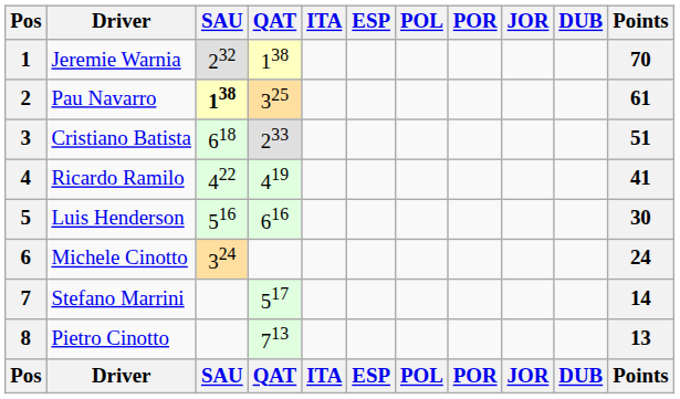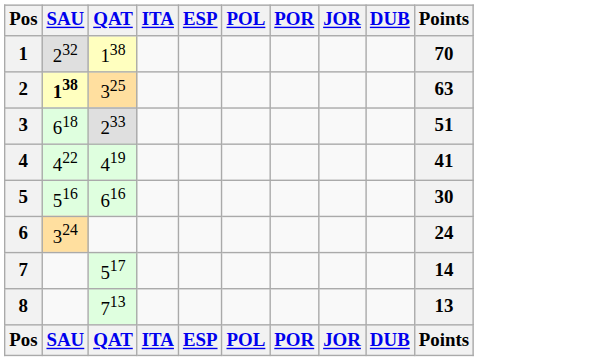 <table class="wikitable" style="font-size: 85%; text-align: center; display: inline-table;">
 <tr valign="top">
 <th valign="middle">Pos</th>
-<th valign="middle">Driver</th>
 <th><a href='#'>SAU</a><br></th>
 <th><a href='#'>QAT</a><br></th>
 <th><a href='#'>ITA</a><br></th>
 <th><a href='#'>ESP</a><br></th>
 <th><a href='#'>POL</a><br></th>
 <th><a href='#'>POR</a><br></th>
 <th><a href='#'>JOR</a><br></th>
 <th><a href='#'>DUB</a><br></th>
 <th valign="middle">Points</th>
 </tr>
 <tr>
 <th>1</th>
-<td align=left> <a href='#'>Jeremie Warnia</a></td>
 <td style="background:#dfdfdf;">2<sup>32</sup></td>
 <td style="background:#ffffbf;">1<sup>38</sup></td>
 <td></td>
 <td></td>
 <td></td>
 <td></td>
 <td></td>
 <td></td>
 <th>70</th>
 </tr>
 <tr>
 <th>2</th>
-<td align=left> <a href='#'>Pau Navarro</a></td>
 <td style="background:#ffffbf;"><strong>1<sup>38</sup></strong></td>
 <td style="background:#ffdf9f;">3<sup>25</sup></td>
 <td></td>
 <td></td>
 <td></td>
 <td></td>
 <td></td>
 <td></td>
-<th>61</th>
+<th>63</th>
 </tr>
 <tr>
 <th>3</th>
-<td align=left> <a href='#'>Cristiano Batista</a></td>
 <td style="background:#dfffdf;">6<sup>18</sup></td>
 <td style="background:#dfdfdf;">2<sup>33</sup></td>
 <td></td>
 <td></td>
 <td></td>
 <td></td>
 <td></td>
 <td></td>
 <th>51</th>
 </tr>
 <tr>
 <th>4</th>
-<td align=left> <a href='#'>Ricardo Ramilo</a></td>
 <td style="background:#dfffdf;">4<sup>22</sup></td>
 <td style="background:#dfffdf;">4<sup>19</sup></td>
 <td></td>
 <td></td>
 <td></td>
 <td></td>
 <td></td>
 <td></td>
 <th>41</th>
 </tr>
 <tr>
 <th>5</th>
-<td align=left> <a href='#'>Luis Henderson</a></td>
 <td style="background:#dfffdf;">5<sup>16</sup></td>
 <td style="background:#dfffdf;">6<sup>16</sup></td>
 <td></td>
 <td></td>
 <td></td>
 <td></td>
 <td></td>
 <td></td>
 <th>30</th>
 </tr>
 <tr>
 <th>6</th>
-<td align=left> <a href='#'>Michele Cinotto</a></td>
 <td style="background:#ffdf9f;">3<sup>24</sup></td>
 <td></td>
 <td></td>
 <td></td>
 <td></td>
 <td></td>
 <td></td>
 <td></td>
 <th>24</th>
 </tr>
 <tr>
 <th>7</th>
-<td align=left> <a href='#'>Stefano Marrini</a></td>
 <td></td>
 <td style="background:#dfffdf;">5<sup>17</sup></td>
 <td></td>
 <td></td>
 <td></td>
 <td></td>
 <td></td>
 <td></td>
 <th>14</th>
 </tr>
 <tr>
 <th>8</th>
-<td align=left> <a href='#'>Pietro Cinotto</a></td>
 <td></td>
 <td style="background:#dfffdf;">7<sup>13</sup></td>
 <td></td>
 <td></td>
 <td></td>
 <td></td>
 <td></td>
 <td></td>
 <th>13</th>
 </tr>
 <tr valign="top">
 <th valign="middle">Pos</th>
-<th valign="middle">Driver</th>
 <th><a href='#'>SAU</a><br></th>
 <th><a href='#'>QAT</a><br></th>
 <th><a href='#'>ITA</a><br></th>
 <th><a href='#'>ESP</a><br></th>
 <th><a href='#'>POL</a><br></th>
 <th><a href='#'>POR</a><br></th>
 <th><a href='#'>JOR</a><br></th>
 <th><a href='#'>DUB</a><br></th>
 <th valign="middle">Points</th>
 </tr>
 </table>
